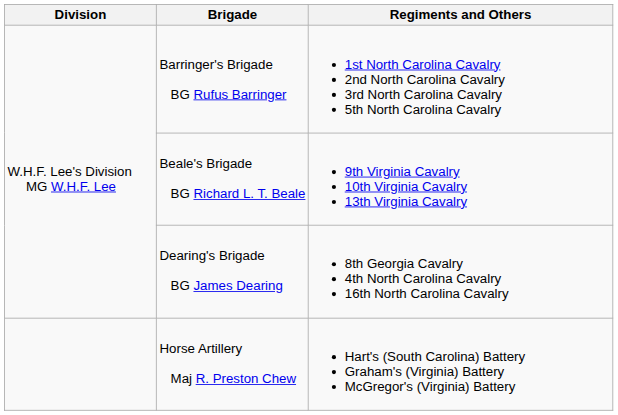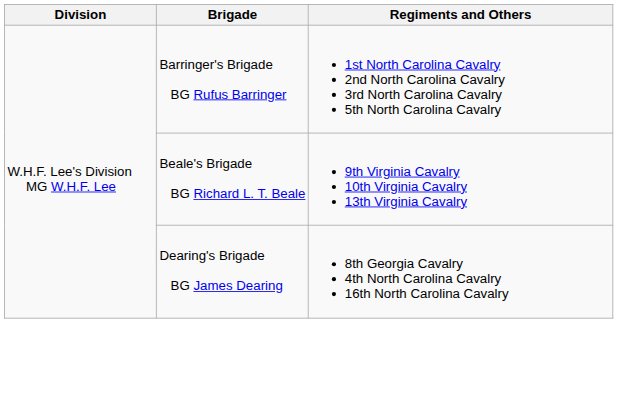 <table class="wikitable">
 <tr>
 <th style="width:25%;">Division</th>
 <th style="width:25%;">Brigade</th>
 <th>Regiments and Others</th>
 </tr>
 <tr>
 <td rowspan=3><br>W.H.F. Lee's Division <br>     MG <a href='#'>W.H.F. Lee</a></td>
 <td>Barringer's Brigade<br><br>   BG <a href='#'>Rufus Barringer</a></td>
 <td><br><ul><li><a href='#'>1st North Carolina Cavalry</a></li><li>2nd North Carolina Cavalry</li><li>3rd North Carolina Cavalry</li><li>5th North Carolina Cavalry</li></ul></td>
 </tr>
 <tr>
 <td>Beale's Brigade<br><br>   BG <a href='#'>Richard L. T. Beale</a></td>
 <td><br><ul><li><a href='#'>9th Virginia Cavalry</a></li><li><a href='#'>10th Virginia Cavalry</a></li><li><a href='#'>13th Virginia Cavalry</a></li></ul></td>
 </tr>
 <tr>
 <td>Dearing's Brigade<br><br>   BG <a href='#'>James Dearing</a></td>
 <td><br><ul><li>8th Georgia Cavalry</li><li>4th North Carolina Cavalry</li><li>16th North Carolina Cavalry</li></ul></td>
 </tr>
-<tr>
-<td></td>
-<td>Horse Artillery<br><br>   Maj <a href='#'>R. Preston Chew</a></td>
-<td><br><ul><li>Hart's (South Carolina) Battery</li><li>Graham's (Virginia) Battery</li><li>McGregor's (Virginia) Battery</li></ul></td>
-</tr>
 </table>
